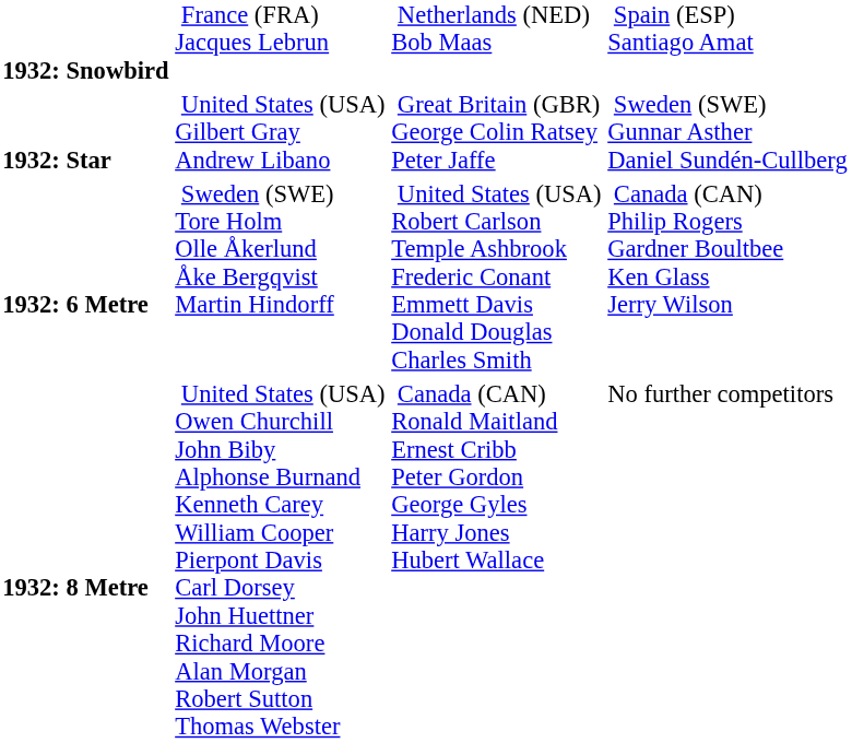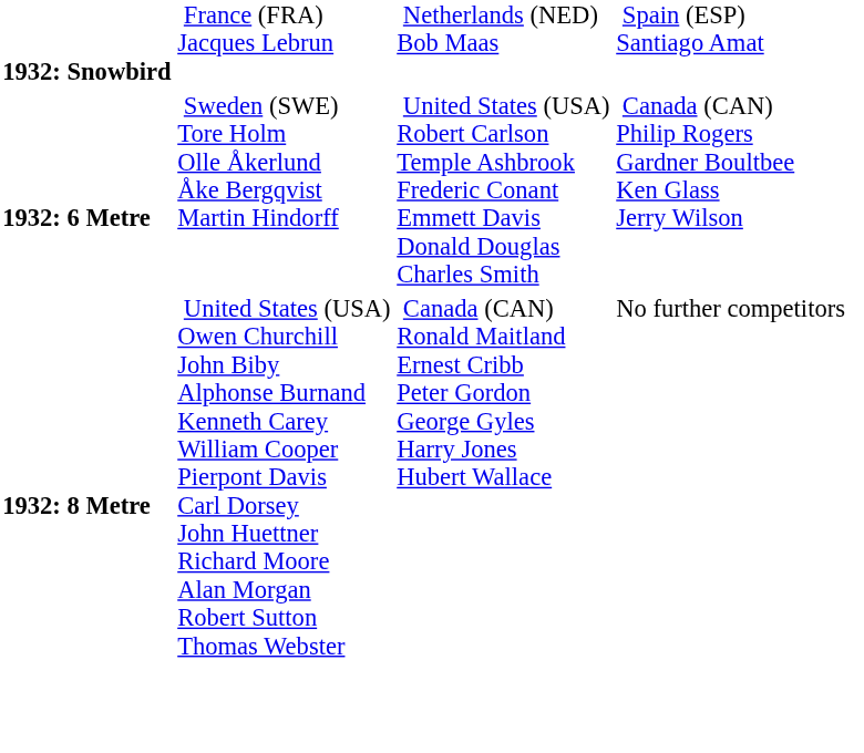 <table>
 <tr>
 <td style="align:center;"><br><br><strong>1932: Snowbird</strong> <br></td>
 <td style="vertical-align:top;"> <a href='#'>France</a> <span>(FRA)</span><br><a href='#'>Jacques Lebrun</a></td>
 <td style="vertical-align:top;"> <a href='#'>Netherlands</a> <span>(NED)</span><br><a href='#'>Bob Maas</a></td>
 <td style="vertical-align:top;"> <a href='#'>Spain</a> <span>(ESP)</span><br><a href='#'>Santiago Amat</a></td>
-</tr>
-<tr>
-<td style="align:center;"><br><br><strong>1932: Star</strong> <br></td>
-<td style="vertical-align:top;"> <a href='#'>United States</a> <span>(USA)</span><br><a href='#'>Gilbert Gray</a><br><a href='#'>Andrew Libano</a></td>
-<td style="vertical-align:top;"> <a href='#'>Great Britain</a> <span>(GBR)</span><br><a href='#'>George Colin Ratsey</a><br><a href='#'>Peter Jaffe</a></td>
-<td style="vertical-align:top;"> <a href='#'>Sweden</a> <span>(SWE)</span><br><a href='#'>Gunnar Asther</a><br><a href='#'>Daniel Sundén-Cullberg</a></td>
 </tr>
 <tr>
 <td style="align:center;"><br><br><strong>1932: 6 Metre</strong> <br></td>
 <td style="vertical-align:top;"> <a href='#'>Sweden</a> <span>(SWE)</span><br><a href='#'>Tore Holm</a><br><a href='#'>Olle Åkerlund</a><br><a href='#'>Åke Bergqvist</a><br><a href='#'>Martin Hindorff</a></td>
 <td style="vertical-align:top;"> <a href='#'>United States</a> <span>(USA)</span><br><a href='#'>Robert Carlson</a><br><a href='#'>Temple Ashbrook</a><br><a href='#'>Frederic Conant</a><br><a href='#'>Emmett Davis</a><br><a href='#'>Donald Douglas</a><br><a href='#'>Charles Smith</a></td>
 <td style="vertical-align:top;"> <a href='#'>Canada</a> <span>(CAN)</span><br><a href='#'>Philip Rogers</a><br><a href='#'>Gardner Boultbee</a><br><a href='#'>Ken Glass</a><br><a href='#'>Jerry Wilson</a></td>
 </tr>
 <tr>
 <td style="align:center;"><br><br><strong>1932: 8 Metre</strong> <br></td>
 <td style="vertical-align:top;"> <a href='#'>United States</a> <span>(USA)</span><br><a href='#'>Owen Churchill</a><br><a href='#'>John Biby</a><br><a href='#'>Alphonse Burnand</a><br><a href='#'>Kenneth Carey</a><br><a href='#'>William Cooper</a><br><a href='#'>Pierpont Davis</a><br><a href='#'>Carl Dorsey</a><br><a href='#'>John Huettner</a><br><a href='#'>Richard Moore</a><br><a href='#'>Alan Morgan</a><br><a href='#'>Robert Sutton</a><br><a href='#'>Thomas Webster</a></td>
 <td style="vertical-align:top;"> <a href='#'>Canada</a> <span>(CAN)</span><br><a href='#'>Ronald Maitland</a><br><a href='#'>Ernest Cribb</a><br><a href='#'>Peter Gordon</a><br><a href='#'>George Gyles</a><br><a href='#'>Harry Jones</a><br><a href='#'>Hubert Wallace</a></td>
 <td style="vertical-align:top;">No further competitors</td>
 </tr>
 </table>
